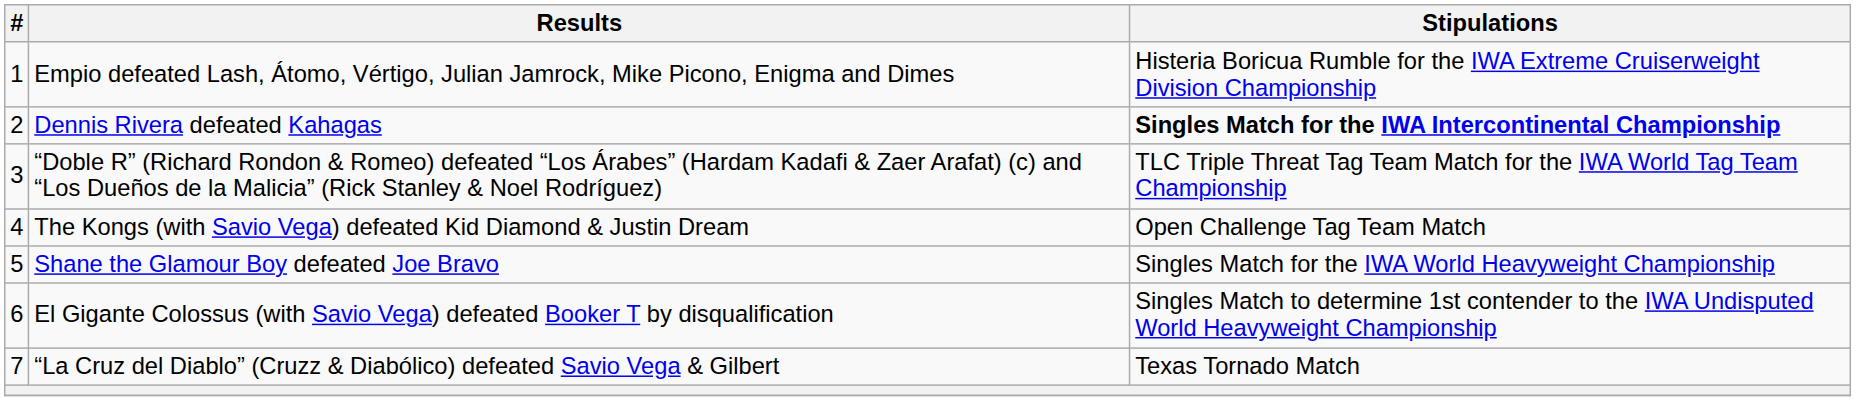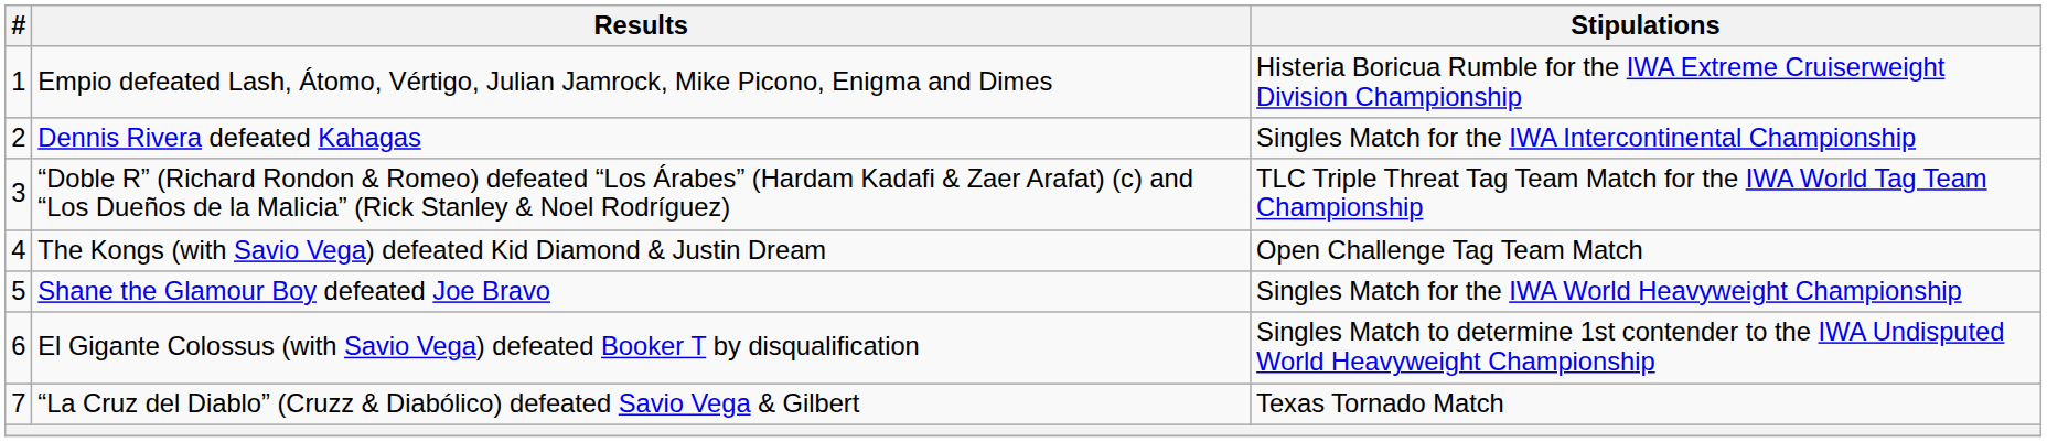 <table class="wikitable">
 <tr>
 <th>#</th>
 <th>Results</th>
 <th>Stipulations</th>
 </tr>
 <tr>
 <td>1</td>
 <td>Empio defeated Lash, Átomo, Vértigo, Julian Jamrock, Mike Picono, Enigma and Dimes</td>
 <td>Histeria Boricua Rumble for the <a href='#'>IWA Extreme Cruiserweight Division Championship</a></td>
 </tr>
 <tr>
 <td>2</td>
 <td><a href='#'>Dennis Rivera</a> defeated <a href='#'>Kahagas</a></td>
-<td><strong>Singles Match for the <a href='#'>IWA Intercontinental Championship</a></strong></td>
+<td>Singles Match for the <a href='#'>IWA Intercontinental Championship</a></td>
 </tr>
 <tr>
 <td>3</td>
 <td>“Doble R” (Richard Rondon & Romeo) defeated “Los Árabes” (Hardam Kadafi & Zaer Arafat) (c) and “Los Dueños de la Malicia” (Rick Stanley & Noel Rodríguez)</td>
 <td>TLC Triple Threat Tag Team Match for the <a href='#'>IWA World Tag Team Championship</a></td>
 </tr>
 <tr>
 <td>4</td>
 <td>The Kongs (with <a href='#'>Savio Vega</a>) defeated Kid Diamond & Justin Dream</td>
 <td>Open Challenge Tag Team Match</td>
 </tr>
 <tr>
 <td>5</td>
 <td><a href='#'>Shane the Glamour Boy</a> defeated <a href='#'>Joe Bravo</a></td>
 <td>Singles Match for the <a href='#'>IWA World Heavyweight Championship</a></td>
 </tr>
 <tr>
 <td>6</td>
 <td>El Gigante Colossus (with <a href='#'>Savio Vega</a>) defeated <a href='#'>Booker T</a> by disqualification</td>
 <td>Singles Match to determine 1st contender to the <a href='#'>IWA Undisputed World Heavyweight Championship</a></td>
 </tr>
 <tr>
 <td>7</td>
 <td>“La Cruz del Diablo” (Cruzz & Diabólico) defeated <a href='#'>Savio Vega</a> & Gilbert</td>
 <td>Texas Tornado Match</td>
 </tr>
 <tr>
 <th colspan="3"></th>
 </tr>
 <tr>
 </tr>
 </table>
